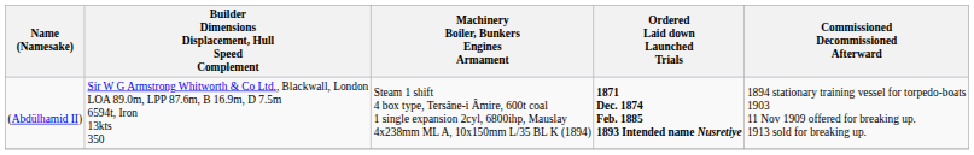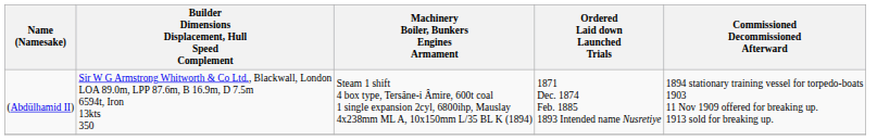 <table class="wikitable" style="font-size:90%;">
 <tr bgcolor="#e6e9ff">
 <th>Name<br>(Namesake)</th>
 <th>Builder<br>Dimensions<br>Displacement, Hull<br>Speed<br>Complement</th>
 <th>Machinery<br>Boiler, Bunkers<br>Engines<br>Armament</th>
 <th>Ordered<br>Laid down<br>Launched<br>Trials</th>
 <th>Commissioned<br>Decommissioned<br>Afterward</th>
 </tr>
 <tr ---->
 <td><br>(<a href='#'>Abdülhamid II</a>)</td>
 <td> <a href='#'>Sir W G Armstrong Whitworth & Co Ltd.</a>, Blackwall, London<br>LOA 89.0m, LPP 87.6m, B 16.9m, D 7.5m<br>6594t, Iron<br>13kts<br>350</td>
 <td>Steam 1 shift<br>4 box type, Tersâne-i Âmire, 600t coal<br>1 single expansion 2cyl, 6800ihp, Mauslay<br>4x238mm ML A, 10x150mm L/35 BL K (1894)</td>
-<td><strong>1871<br>Dec. 1874<br>Feb. 1885<br>1893 Intended name <em>Nusretiye</em></strong></td>
+<td>1871<br>Dec. 1874<br>Feb. 1885<br>1893 Intended name <em>Nusretiye</em></td>
 <td>1894 stationary training vessel for torpedo-boats<br>1903<br>11 Nov 1909 offered for breaking up.<br>1913 sold for breaking up.</td>
 </tr>
 <tr ---->
 </tr>
 </table>
